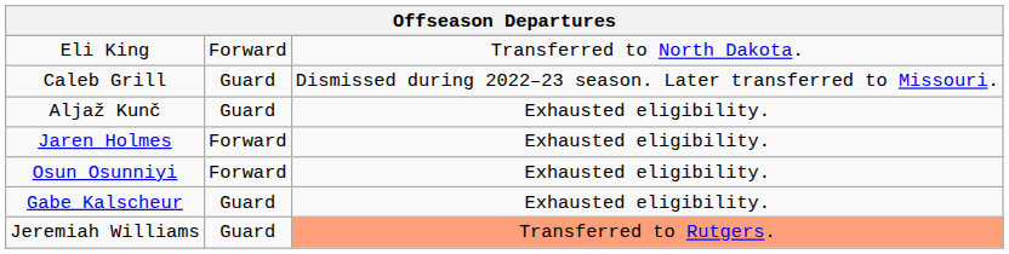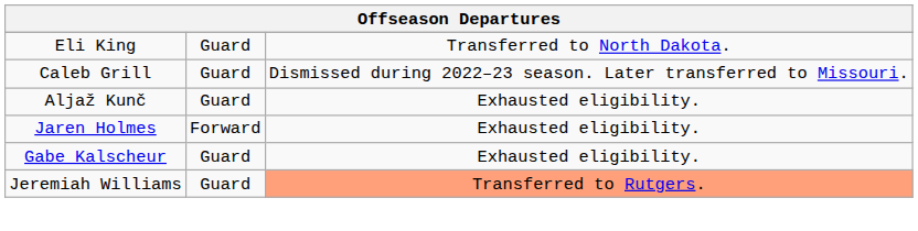 <table class="wikitable" style="text-align: center">
 <tr>
 <th colspan=3>Offseason Departures</th>
 </tr>
 <tr>
 </tr>
 <tr>
 <td>Eli King</td>
-<td>Forward</td>
+<td>Guard</td>
 <td>Transferred to <a href='#'>North Dakota</a>.</td>
 </tr>
 <tr>
 <td>Caleb Grill</td>
 <td>Guard</td>
 <td>Dismissed during 2022–23 season. Later transferred to <a href='#'>Missouri</a>.</td>
 </tr>
 <tr>
 <td>Aljaž Kunč</td>
 <td>Guard</td>
 <td>Exhausted eligibility.</td>
 </tr>
 <tr>
 <td><a href='#'>Jaren Holmes</a></td>
 <td>Forward</td>
 <td>Exhausted eligibility.</td>
 </tr>
 <tr>
-<td><a href='#'>Osun Osunniyi</a></td>
-<td>Forward</td>
-<td>Exhausted eligibility.</td>
-</tr>
-<tr>
 <td><a href='#'>Gabe Kalscheur</a></td>
 <td>Guard</td>
 <td>Exhausted eligibility.</td>
 </tr>
 <tr>
 <td>Jeremiah Williams</td>
 <td>Guard</td>
 <td style="background: lightsalmon;">Transferred to <a href='#'>Rutgers</a>.</td>
 </tr>
 </table>
